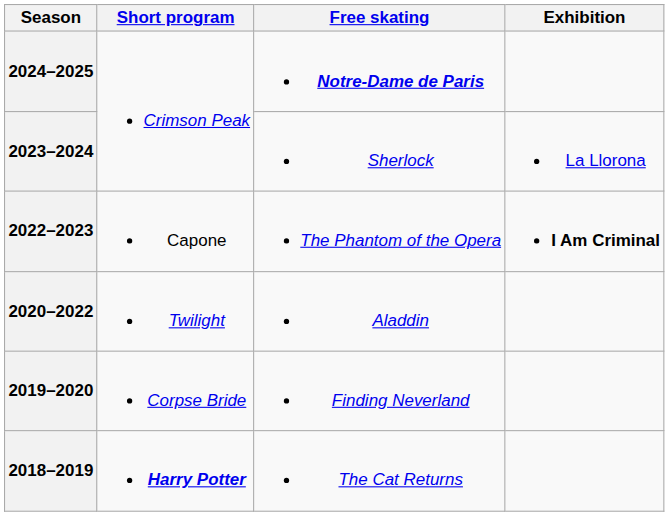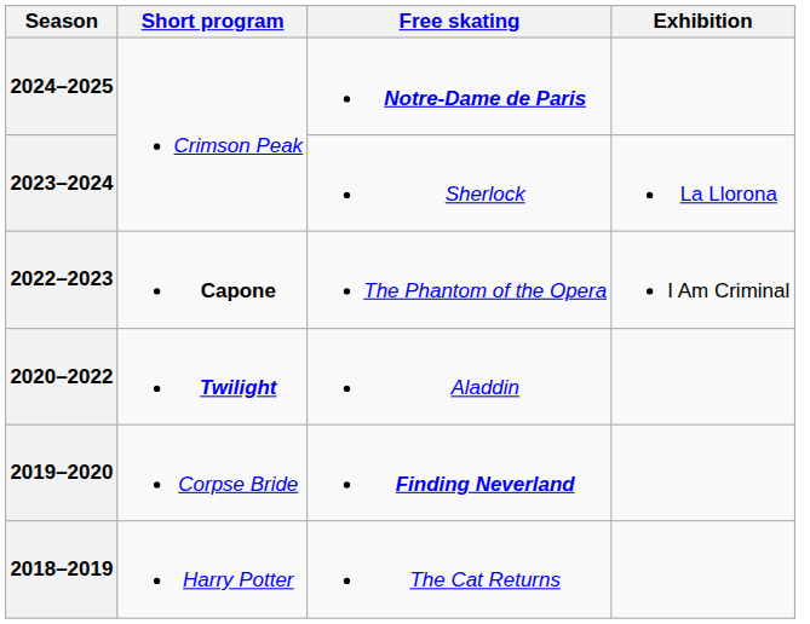 <table class=wikitable style=text-align:center>
 <tr>
 <th>Season</th>
 <th><a href='#'>Short program</a></th>
 <th><a href='#'>Free skating</a></th>
 <th>Exhibition</th>
 </tr>
 <tr>
 <th>2024–2025 <br> </th>
 <td rowspan=2><br><ul><li><em><a href='#'>Crimson Peak</a></em><br></li></ul></td>
 <td><strong><br><ul><li><em><a href='#'>Notre-Dame de Paris</a></em> <br> </li></ul></strong></td>
 <td></td>
 </tr>
 <tr>
 <th>2023–2024 <br> </th>
 <td><br><ul><li><em><a href='#'>Sherlock</a></em><br></li></ul></td>
 <td><br><ul><li><a href='#'>La Llorona</a><br></li></ul></td>
 </tr>
 <tr>
 <th>2022–2023 <br> </th>
-<td><br><ul><li>Capone<br></li></ul></td>
+<td><strong><br><ul><li>Capone<br></li></ul></strong></td>
 <td><br><ul><li><em><a href='#'>The Phantom of the Opera</a></em><br></li></ul></td>
-<td><strong><br><ul><li>I Am Criminal <br></li></ul></strong></td>
+<td><br><ul><li>I Am Criminal <br></li></ul></td>
 </tr>
 <tr>
 <th>2020–2022 <br> </th>
-<td><br><ul><li><em><a href='#'>Twilight</a></em><br></li></ul></td>
+<td><strong><br><ul><li><em><a href='#'>Twilight</a></em><br></li></ul></strong></td>
 <td><br><ul><li><em><a href='#'>Aladdin</a></em><br></li></ul></td>
 <td></td>
 </tr>
 <tr>
 <th>2019–2020 <br> </th>
 <td><br><ul><li><em><a href='#'>Corpse Bride</a></em><br></li></ul></td>
-<td><br><ul><li><em><a href='#'>Finding Neverland</a></em><br></li></ul></td>
+<td><strong><br><ul><li><em><a href='#'>Finding Neverland</a></em><br></li></ul></strong></td>
 <td></td>
 </tr>
 <tr>
 <th>2018–2019<br></th>
-<td><strong><br><ul><li><em><a href='#'>Harry Potter</a></em><br></li></ul></strong></td>
+<td><br><ul><li><em><a href='#'>Harry Potter</a></em><br></li></ul></td>
 <td><br><ul><li><em><a href='#'>The Cat Returns</a></em><br></li></ul></td>
 <td></td>
 </tr>
 </table>
